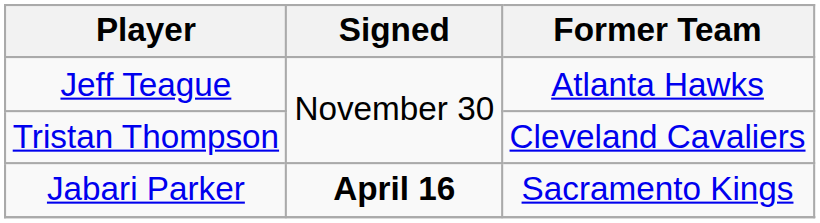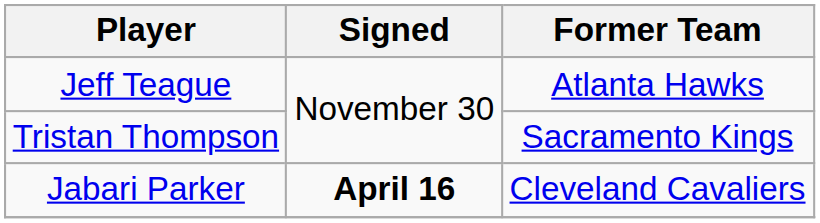 <table class="wikitable sortable sortable" style="text-align: center">
 <tr>
 <th>Player</th>
 <th>Signed</th>
 <th>Former Team</th>
 </tr>
 <tr>
 <td><a href='#'>Jeff Teague</a></td>
 <td rowspan=2>November 30</td>
 <td><a href='#'>Atlanta Hawks</a></td>
 </tr>
 <tr>
 <td><a href='#'>Tristan Thompson</a></td>
-<td><a href='#'>Cleveland Cavaliers</a></td>
+<td><a href='#'>Sacramento Kings</a></td>
 </tr>
 <tr>
 <td><a href='#'>Jabari Parker</a></td>
 <td><strong>April 16</strong></td>
-<td><a href='#'>Sacramento Kings</a></td>
+<td><a href='#'>Cleveland Cavaliers</a></td>
 </tr>
 <tr>
 </tr>
 </table>
